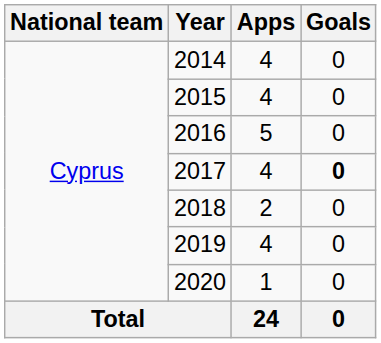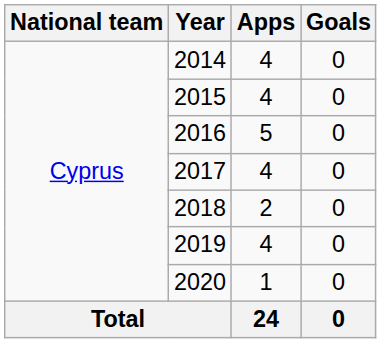 <table class=wikitable style=text-align:center>
 <tr>
 <th>National team</th>
 <th>Year</th>
 <th>Apps</th>
 <th>Goals</th>
 </tr>
 <tr>
 <td rowspan=7><a href='#'>Cyprus</a></td>
 <td>2014</td>
 <td>4</td>
 <td>0</td>
 </tr>
 <tr>
 <td>2015</td>
 <td>4</td>
 <td>0</td>
 </tr>
 <tr>
 <td>2016</td>
 <td>5</td>
 <td>0</td>
 </tr>
 <tr>
 <td>2017</td>
 <td>4</td>
-<td><strong>0</strong></td>
+<td>0</td>
 </tr>
 <tr>
 <td>2018</td>
 <td>2</td>
 <td>0</td>
 </tr>
 <tr>
 <td>2019</td>
 <td>4</td>
 <td>0</td>
 </tr>
 <tr>
 <td>2020</td>
 <td>1</td>
 <td>0</td>
 </tr>
 <tr>
 <th colspan=2>Total</th>
 <th>24</th>
 <th>0</th>
 </tr>
 </table>
